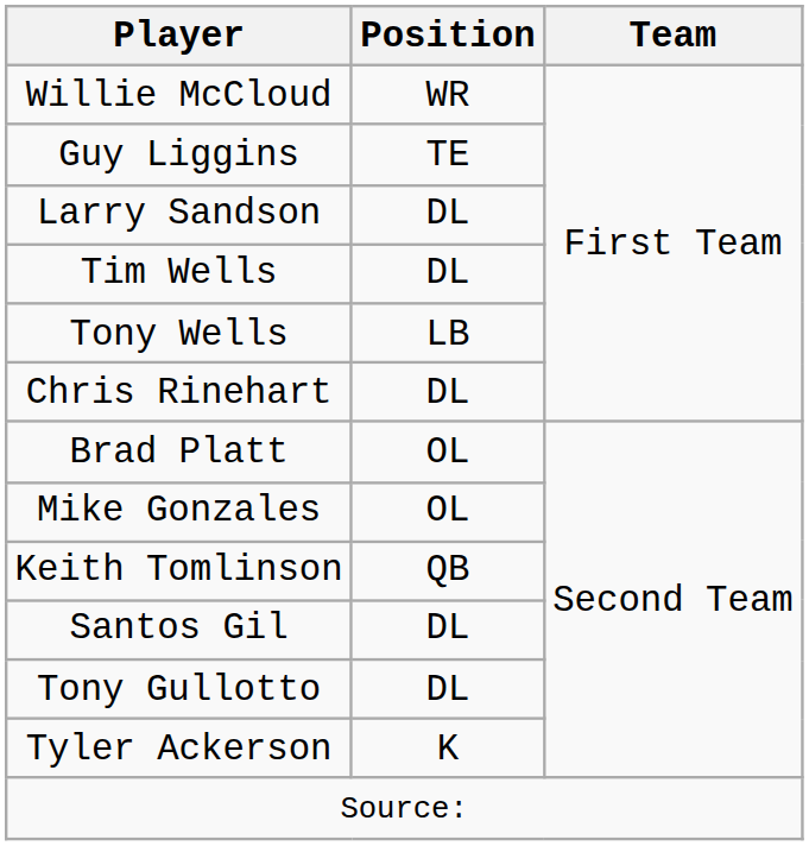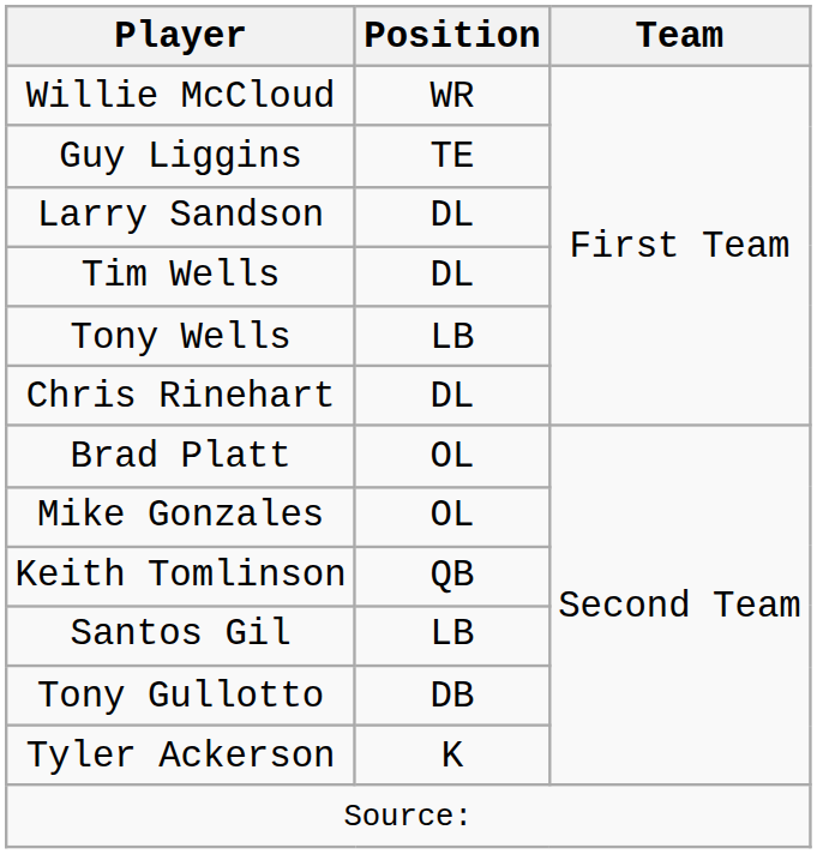 <table class="wikitable" style="text-align: center">
 <tr align=center>
 <th>Player</th>
 <th>Position</th>
 <th>Team</th>
 </tr>
 <tr>
 <td>Willie McCloud</td>
 <td>WR</td>
 <td rowspan=6>First Team</td>
 </tr>
 <tr>
 <td>Guy Liggins</td>
 <td>TE</td>
 </tr>
 <tr>
 <td>Larry Sandson</td>
 <td>DL</td>
 </tr>
 <tr>
 <td>Tim Wells</td>
 <td>DL</td>
 </tr>
 <tr>
 <td>Tony Wells</td>
 <td>LB</td>
 </tr>
 <tr>
 <td>Chris Rinehart</td>
 <td>DL</td>
 </tr>
 <tr>
 <td>Brad Platt</td>
 <td>OL</td>
 <td rowspan=6>Second Team</td>
 </tr>
 <tr>
 <td>Mike Gonzales</td>
 <td>OL</td>
 </tr>
 <tr>
 <td>Keith Tomlinson</td>
 <td>QB</td>
 </tr>
 <tr>
 <td>Santos Gil</td>
-<td>DL</td>
+<td>LB</td>
 </tr>
 <tr>
 <td>Tony Gullotto</td>
-<td>DL</td>
+<td>DB</td>
 </tr>
 <tr>
 <td>Tyler Ackerson</td>
 <td>K</td>
 </tr>
 <tr>
 <td colspan="3"><small>Source:</small></td>
 </tr>
 </table>
